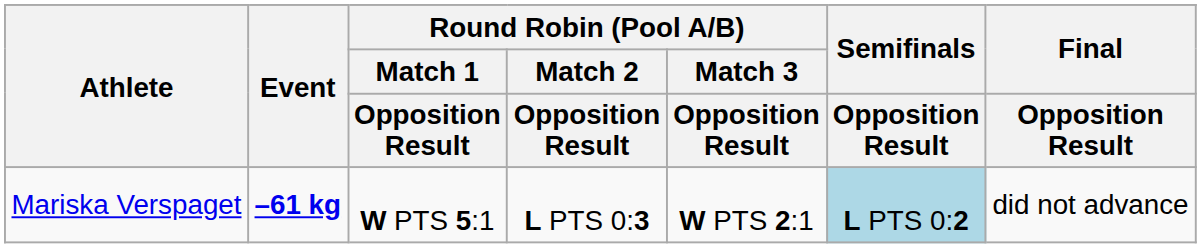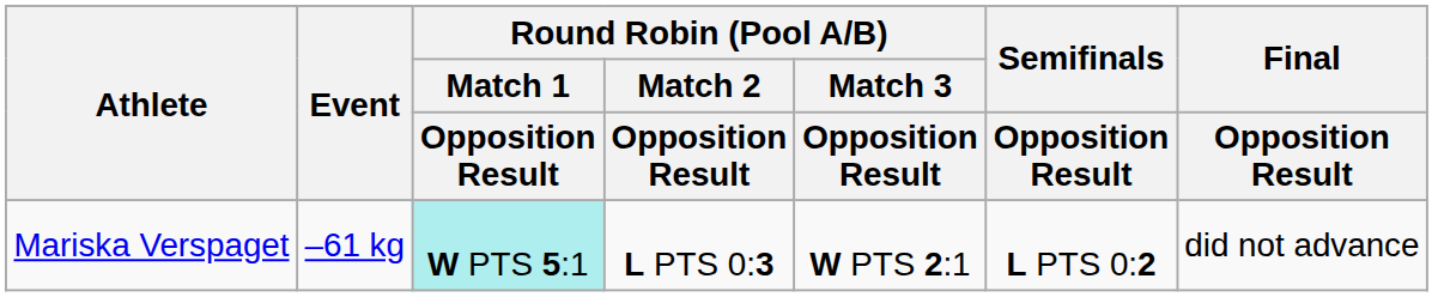 <table class="wikitable" border="1" style="font-size:90%">
 <tr>
 <th rowspan=3>Athlete</th>
 <th rowspan=3>Event</th>
 <th colspan=3>Round Robin (Pool A/B)</th>
 <th rowspan=2>Semifinals</th>
 <th rowspan=2>Final</th>
 </tr>
 <tr>
 <th>Match 1</th>
 <th>Match 2</th>
 <th>Match 3</th>
 </tr>
 <tr>
 <th>Opposition<br>Result</th>
 <th>Opposition<br>Result</th>
 <th>Opposition<br>Result</th>
 <th>Opposition<br>Result</th>
 <th>Opposition<br>Result</th>
 </tr>
 <tr>
 <td><a href='#'>Mariska Verspaget</a></td>
-<td><strong><a href='#'>–61 kg</a></strong></td>
-<td align=center><br><strong>W</strong> PTS <strong>5</strong>:1</td>
+<td><a href='#'>–61 kg</a></td>
+<td align=center style="background: paleturquoise;"><br><strong>W</strong> PTS <strong>5</strong>:1</td>
 <td align=center><br><strong>L</strong> PTS 0:<strong>3</strong></td>
 <td align=center><br><strong>W</strong> PTS <strong>2</strong>:1</td>
-<td align=center style="background: lightblue;"><br><strong>L</strong> PTS 0:<strong>2</strong><br></td>
+<td align=center><br><strong>L</strong> PTS 0:<strong>2</strong><br></td>
 <td align="center" colspan="7">did not advance</td>
 </tr>
 </table>
